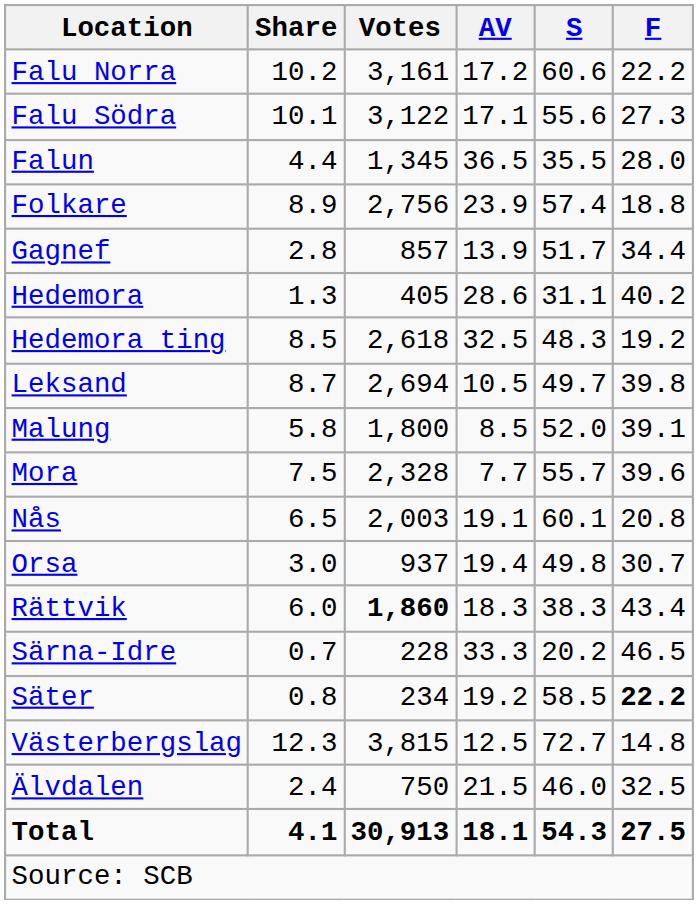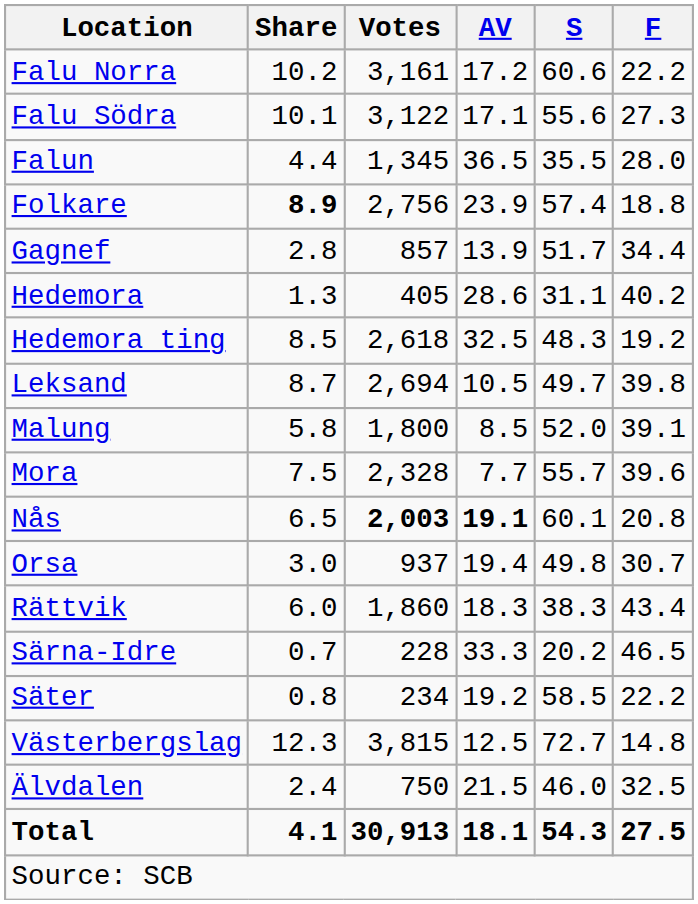 <table class="wikitable sortable" style=text-align:right>
 <tr>
 <th>Location</th>
 <th>Share</th>
 <th>Votes</th>
 <th><a href='#'>AV</a></th>
 <th><a href='#'>S</a></th>
 <th><a href='#'>F</a></th>
 </tr>
 <tr>
 <td align=left><a href='#'>Falu Norra</a></td>
 <td>10.2</td>
 <td>3,161</td>
 <td>17.2</td>
 <td>60.6</td>
 <td>22.2</td>
 </tr>
 <tr>
 <td align=left><a href='#'>Falu Södra</a></td>
 <td>10.1</td>
 <td>3,122</td>
 <td>17.1</td>
 <td>55.6</td>
 <td>27.3</td>
 </tr>
 <tr>
 <td align=left><a href='#'>Falun</a></td>
 <td>4.4</td>
 <td>1,345</td>
 <td>36.5</td>
 <td>35.5</td>
 <td>28.0</td>
 </tr>
 <tr>
 <td align=left><a href='#'>Folkare</a></td>
-<td>8.9</td>
+<td><strong>8.9</strong></td>
 <td>2,756</td>
 <td>23.9</td>
 <td>57.4</td>
 <td>18.8</td>
 </tr>
 <tr>
 <td align=left><a href='#'>Gagnef</a></td>
 <td>2.8</td>
 <td>857</td>
 <td>13.9</td>
 <td>51.7</td>
 <td>34.4</td>
 </tr>
 <tr>
 <td align=left><a href='#'>Hedemora</a></td>
 <td>1.3</td>
 <td>405</td>
 <td>28.6</td>
 <td>31.1</td>
 <td>40.2</td>
 </tr>
 <tr>
 <td align=left><a href='#'>Hedemora ting</a></td>
 <td>8.5</td>
 <td>2,618</td>
 <td>32.5</td>
 <td>48.3</td>
 <td>19.2</td>
 </tr>
 <tr>
 <td align=left><a href='#'>Leksand</a></td>
 <td>8.7</td>
 <td>2,694</td>
 <td>10.5</td>
 <td>49.7</td>
 <td>39.8</td>
 </tr>
 <tr>
 <td align=left><a href='#'>Malung</a></td>
 <td>5.8</td>
 <td>1,800</td>
 <td>8.5</td>
 <td>52.0</td>
 <td>39.1</td>
 </tr>
 <tr>
 <td align=left><a href='#'>Mora</a></td>
 <td>7.5</td>
 <td>2,328</td>
 <td>7.7</td>
 <td>55.7</td>
 <td>39.6</td>
 </tr>
 <tr>
 <td align=left><a href='#'>Nås</a></td>
 <td>6.5</td>
-<td>2,003</td>
-<td>19.1</td>
+<td><strong>2,003</strong></td>
+<td><strong>19.1</strong></td>
 <td>60.1</td>
 <td>20.8</td>
 </tr>
 <tr>
 <td align=left><a href='#'>Orsa</a></td>
 <td>3.0</td>
 <td>937</td>
 <td>19.4</td>
 <td>49.8</td>
 <td>30.7</td>
 </tr>
 <tr>
 <td align=left><a href='#'>Rättvik</a></td>
 <td>6.0</td>
-<td><strong>1,860</strong></td>
+<td>1,860</td>
 <td>18.3</td>
 <td>38.3</td>
 <td>43.4</td>
 </tr>
 <tr>
 <td align=left><a href='#'>Särna-Idre</a></td>
 <td>0.7</td>
 <td>228</td>
 <td>33.3</td>
 <td>20.2</td>
 <td>46.5</td>
 </tr>
 <tr>
 <td align=left><a href='#'>Säter</a></td>
 <td>0.8</td>
 <td>234</td>
 <td>19.2</td>
 <td>58.5</td>
-<td><strong>22.2</strong></td>
+<td>22.2</td>
 </tr>
 <tr>
 <td align=left><a href='#'>Västerbergslag</a></td>
 <td>12.3</td>
 <td>3,815</td>
 <td>12.5</td>
 <td>72.7</td>
 <td>14.8</td>
 </tr>
 <tr>
 <td align=left><a href='#'>Älvdalen</a></td>
 <td>2.4</td>
 <td>750</td>
 <td>21.5</td>
 <td>46.0</td>
 <td>32.5</td>
 </tr>
 <tr>
 <td align=left><strong>Total</strong></td>
 <td><strong>4.1</strong></td>
 <td><strong>30,913</strong></td>
 <td><strong>18.1</strong></td>
 <td><strong>54.3</strong></td>
 <td><strong>27.5</strong></td>
 </tr>
 <tr>
 <td align=left colspan=6>Source: SCB </td>
 </tr>
 </table>
